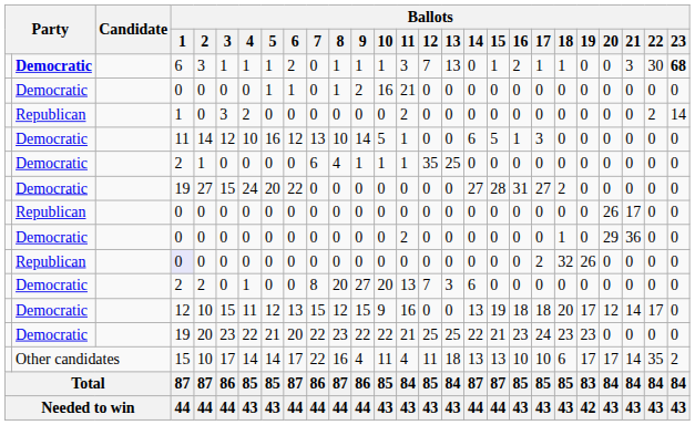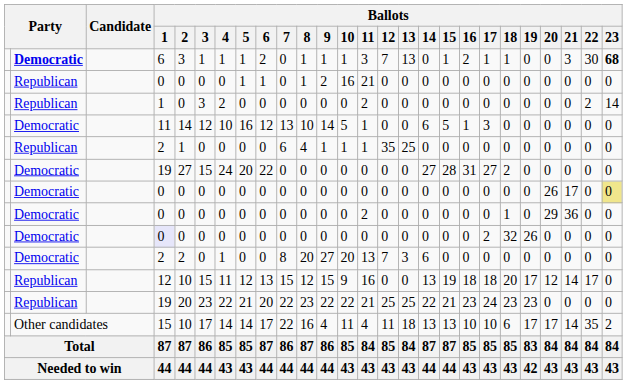 <table class="wikitable sortable">
 <tr>
 <th colspan="2" rowspan="2">Party</th>
 <th rowspan="2">Candidate</th>
 <th colspan="23">Ballots</th>
 </tr>
 <tr>
 <th>1</th>
 <th>2</th>
 <th>3</th>
 <th>4</th>
 <th>5</th>
 <th>6</th>
 <th>7</th>
 <th>8</th>
 <th>9</th>
 <th>10</th>
 <th>11</th>
 <th>12</th>
 <th>13</th>
 <th>14</th>
 <th>15</th>
 <th>16</th>
 <th>17</th>
 <th>18</th>
 <th>19</th>
 <th>20</th>
 <th>21</th>
 <th>22</th>
 <th>23</th>
 </tr>
 <tr>
 <td style="background-color:"></td>
 <td><a href='#'><strong>Democratic</strong></a></td>
 <td><strong></strong></td>
 <td>6</td>
 <td>3</td>
 <td>1</td>
 <td>1</td>
 <td>1</td>
 <td>2</td>
 <td>0</td>
 <td>1</td>
 <td>1</td>
 <td>1</td>
 <td>3</td>
 <td>7</td>
 <td>13</td>
 <td>0</td>
 <td>1</td>
 <td>2</td>
 <td>1</td>
 <td>1</td>
 <td>0</td>
 <td>0</td>
 <td>3</td>
 <td>30</td>
 <td><strong>68</strong></td>
 </tr>
 <tr>
 <td style="background-color:"></td>
-<td><a href='#'>Democratic</a></td>
+<td><a href='#'>Republican</a></td>
 <td></td>
 <td>0</td>
 <td>0</td>
 <td>0</td>
 <td>0</td>
 <td>1</td>
 <td>1</td>
 <td>0</td>
 <td>1</td>
 <td>2</td>
 <td>16</td>
 <td>21</td>
 <td>0</td>
 <td>0</td>
 <td>0</td>
 <td>0</td>
 <td>0</td>
 <td>0</td>
 <td>0</td>
 <td>0</td>
 <td>0</td>
 <td>0</td>
 <td>0</td>
 <td>0</td>
 </tr>
 <tr>
 <td style="background-color:"></td>
 <td><a href='#'>Republican</a></td>
 <td></td>
 <td>1</td>
 <td>0</td>
 <td>3</td>
 <td>2</td>
 <td>0</td>
 <td>0</td>
 <td>0</td>
 <td>0</td>
 <td>0</td>
 <td>0</td>
 <td>2</td>
 <td>0</td>
 <td>0</td>
 <td>0</td>
 <td>0</td>
 <td>0</td>
 <td>0</td>
 <td>0</td>
 <td>0</td>
 <td>0</td>
 <td>0</td>
 <td>2</td>
 <td>14</td>
 </tr>
 <tr>
 <td style="background-color:"></td>
 <td><a href='#'>Democratic</a></td>
 <td></td>
 <td>11</td>
 <td>14</td>
 <td>12</td>
 <td>10</td>
 <td>16</td>
 <td>12</td>
 <td>13</td>
 <td>10</td>
 <td>14</td>
 <td>5</td>
 <td>1</td>
 <td>0</td>
 <td>0</td>
 <td>6</td>
 <td>5</td>
 <td>1</td>
 <td>3</td>
 <td>0</td>
 <td>0</td>
 <td>0</td>
 <td>0</td>
 <td>0</td>
 <td>0</td>
 </tr>
 <tr>
 <td style="background-color:"></td>
-<td><a href='#'>Democratic</a></td>
+<td><a href='#'>Republican</a></td>
 <td></td>
 <td>2</td>
 <td>1</td>
 <td>0</td>
 <td>0</td>
 <td>0</td>
 <td>0</td>
 <td>6</td>
 <td>4</td>
 <td>1</td>
 <td>1</td>
 <td>1</td>
 <td>35</td>
 <td>25</td>
 <td>0</td>
 <td>0</td>
 <td>0</td>
 <td>0</td>
 <td>0</td>
 <td>0</td>
 <td>0</td>
 <td>0</td>
 <td>0</td>
 <td>0</td>
 </tr>
 <tr>
 <td style="background-color:"></td>
 <td><a href='#'>Democratic</a></td>
 <td></td>
 <td>19</td>
 <td>27</td>
 <td>15</td>
 <td>24</td>
 <td>20</td>
 <td>22</td>
 <td>0</td>
 <td>0</td>
 <td>0</td>
 <td>0</td>
 <td>0</td>
 <td>0</td>
 <td>0</td>
 <td>27</td>
 <td>28</td>
 <td>31</td>
 <td>27</td>
 <td>2</td>
 <td>0</td>
 <td>0</td>
 <td>0</td>
 <td>0</td>
 <td>0</td>
 </tr>
 <tr>
 <td style="background-color:"></td>
-<td><a href='#'>Republican</a></td>
+<td><a href='#'>Democratic</a></td>
 <td></td>
 <td>0</td>
 <td>0</td>
 <td>0</td>
 <td>0</td>
 <td>0</td>
 <td>0</td>
 <td>0</td>
 <td>0</td>
 <td>0</td>
 <td>0</td>
 <td>0</td>
 <td>0</td>
 <td>0</td>
 <td>0</td>
 <td>0</td>
 <td>0</td>
 <td>0</td>
 <td>0</td>
 <td>0</td>
 <td>26</td>
 <td>17</td>
 <td>0</td>
-<td>0</td>
+<td style="background: khaki;">0</td>
 </tr>
 <tr>
 <td style="background-color:"></td>
 <td><a href='#'>Democratic</a></td>
 <td></td>
 <td>0</td>
 <td>0</td>
 <td>0</td>
 <td>0</td>
 <td>0</td>
 <td>0</td>
 <td>0</td>
 <td>0</td>
 <td>0</td>
 <td>0</td>
 <td>2</td>
 <td>0</td>
 <td>0</td>
 <td>0</td>
 <td>0</td>
 <td>0</td>
 <td>0</td>
 <td>1</td>
 <td>0</td>
 <td>29</td>
 <td>36</td>
 <td>0</td>
 <td>0</td>
 </tr>
 <tr>
 <td style="background-color:"></td>
-<td><a href='#'>Republican</a></td>
+<td><a href='#'>Democratic</a></td>
 <td></td>
 <td style="background: lavender;">0</td>
 <td>0</td>
 <td>0</td>
 <td>0</td>
 <td>0</td>
 <td>0</td>
 <td>0</td>
 <td>0</td>
 <td>0</td>
 <td>0</td>
 <td>0</td>
 <td>0</td>
 <td>0</td>
 <td>0</td>
 <td>0</td>
 <td>0</td>
 <td>2</td>
 <td>32</td>
 <td>26</td>
 <td>0</td>
 <td>0</td>
 <td>0</td>
 <td>0</td>
 </tr>
 <tr>
 <td style="background-color:"></td>
 <td><a href='#'>Democratic</a></td>
 <td></td>
 <td>2</td>
 <td>2</td>
 <td>0</td>
 <td>1</td>
 <td>0</td>
 <td>0</td>
 <td>8</td>
 <td>20</td>
 <td>27</td>
 <td>20</td>
 <td>13</td>
 <td>7</td>
 <td>3</td>
 <td>6</td>
 <td>0</td>
 <td>0</td>
 <td>0</td>
 <td>0</td>
 <td>0</td>
 <td>0</td>
 <td>0</td>
 <td>0</td>
 <td>0</td>
 </tr>
 <tr>
 <td style="background-color:"></td>
-<td><a href='#'>Democratic</a></td>
+<td><a href='#'>Republican</a></td>
 <td></td>
 <td>12</td>
 <td>10</td>
 <td>15</td>
 <td>11</td>
 <td>12</td>
 <td>13</td>
 <td>15</td>
 <td>12</td>
 <td>15</td>
 <td>9</td>
 <td>16</td>
 <td>0</td>
 <td>0</td>
 <td>13</td>
 <td>19</td>
 <td>18</td>
 <td>18</td>
 <td>20</td>
 <td>17</td>
 <td>12</td>
 <td>14</td>
 <td>17</td>
 <td>0</td>
 </tr>
 <tr>
 <td style="background-color:"></td>
-<td><a href='#'>Democratic</a></td>
+<td><a href='#'>Republican</a></td>
 <td></td>
 <td>19</td>
 <td>20</td>
 <td>23</td>
 <td>22</td>
 <td>21</td>
 <td>20</td>
 <td>22</td>
 <td>23</td>
 <td>22</td>
 <td>22</td>
 <td>21</td>
 <td>25</td>
 <td>25</td>
 <td>22</td>
 <td>21</td>
 <td>23</td>
 <td>24</td>
 <td>23</td>
 <td>23</td>
 <td>0</td>
 <td>0</td>
 <td>0</td>
 <td>0</td>
 </tr>
 <tr class="sortbottom static-row-header">
 <td></td>
 <td colspan="2">Other candidates</td>
 <td>15</td>
 <td>10</td>
 <td>17</td>
 <td>14</td>
 <td>14</td>
 <td>17</td>
 <td>22</td>
 <td>16</td>
 <td>4</td>
 <td>11</td>
 <td>4</td>
 <td>11</td>
 <td>18</td>
 <td>13</td>
 <td>13</td>
 <td>10</td>
 <td>10</td>
 <td>6</td>
 <td>17</td>
 <td>17</td>
 <td>14</td>
 <td>35</td>
 <td>2</td>
 </tr>
 <tr>
 <th colspan="3">Total</th>
 <th>87</th>
 <th>87</th>
 <th>86</th>
 <th>85</th>
 <th>85</th>
 <th>87</th>
 <th>86</th>
 <th>87</th>
 <th>86</th>
 <th>85</th>
 <th>84</th>
 <th>85</th>
 <th>84</th>
 <th>87</th>
 <th>87</th>
 <th>85</th>
 <th>85</th>
 <th>85</th>
 <th>83</th>
 <th>84</th>
 <th>84</th>
 <th>84</th>
 <th>84</th>
 </tr>
 <tr>
 <th colspan="3">Needed to win</th>
 <th>44</th>
 <th>44</th>
 <th>44</th>
 <th>43</th>
 <th>43</th>
 <th>44</th>
 <th>44</th>
 <th>44</th>
 <th>44</th>
 <th>43</th>
 <th>43</th>
 <th>43</th>
 <th>43</th>
 <th>44</th>
 <th>44</th>
 <th>43</th>
 <th>43</th>
 <th>43</th>
 <th>42</th>
 <th>43</th>
 <th>43</th>
 <th>43</th>
 <th>43</th>
 </tr>
 </table>
